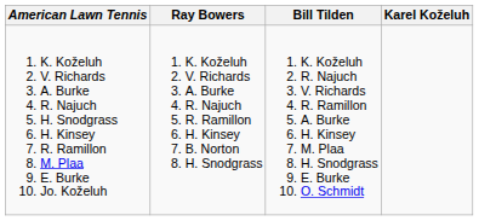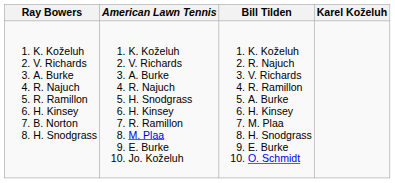 <table class="wikitable">
 <tr>
+<th>Ray Bowers</th>
 <th><em>American Lawn Tennis</em></th>
-<th>Ray Bowers</th>
 <th>Bill Tilden</th>
 <th>Karel Koželuh</th>
 </tr>
 <tr style="vertical-align: top;">
+<td style="white-space: nowrap;"><br><ol><li> K. Koželuh</li><li> V. Richards</li><li> A. Burke</li><li> R. Najuch</li><li> R. Ramillon</li><li> H. Kinsey</li><li> B. Norton</li><li> H. Snodgrass</li></ol></td>
 <td style="white-space: nowrap;"><br><ol><li> K. Koželuh</li><li> V. Richards</li><li> A. Burke</li><li> R. Najuch</li><li> H. Snodgrass</li><li> H. Kinsey</li><li> R. Ramillon</li><li> <a href='#'>M. Plaa</a></li><li> E. Burke</li><li> Jo. Koželuh</li></ol></td>
-<td style="white-space: nowrap;"><br><ol><li> K. Koželuh</li><li> V. Richards</li><li> A. Burke</li><li> R. Najuch</li><li> R. Ramillon</li><li> H. Kinsey</li><li> B. Norton</li><li> H. Snodgrass</li></ol></td>
 <td style="white-space: nowrap;"><br><ol><li> K. Koželuh</li><li> R. Najuch</li><li> V. Richards</li><li> R. Ramillon</li><li> A. Burke</li><li> H. Kinsey</li><li> M. Plaa</li><li> H. Snodgrass</li><li> E. Burke</li><li> <a href='#'>O. Schmidt</a></li></ol></td>
 <td style="white-space: nowrap;"><br></td>
 </tr>
 </table>
